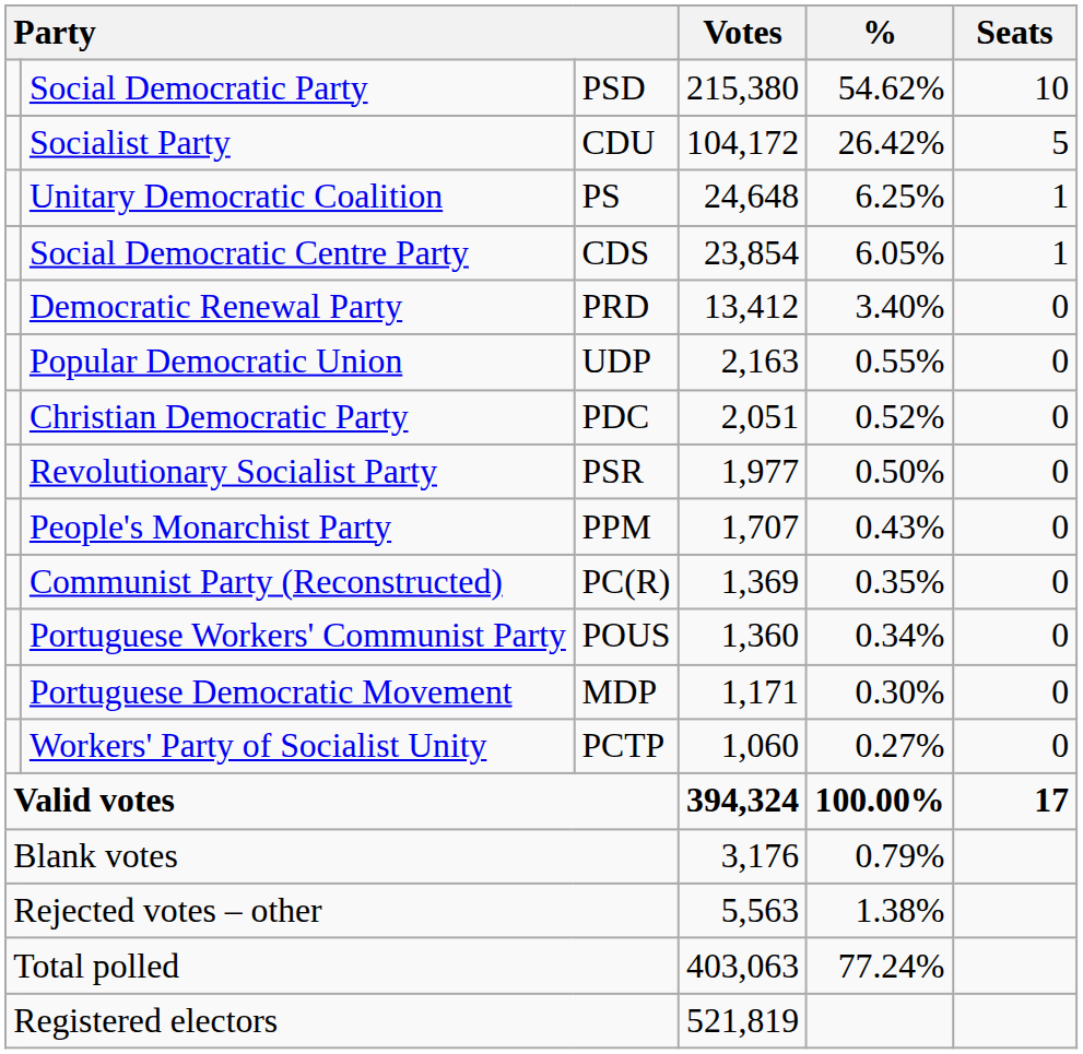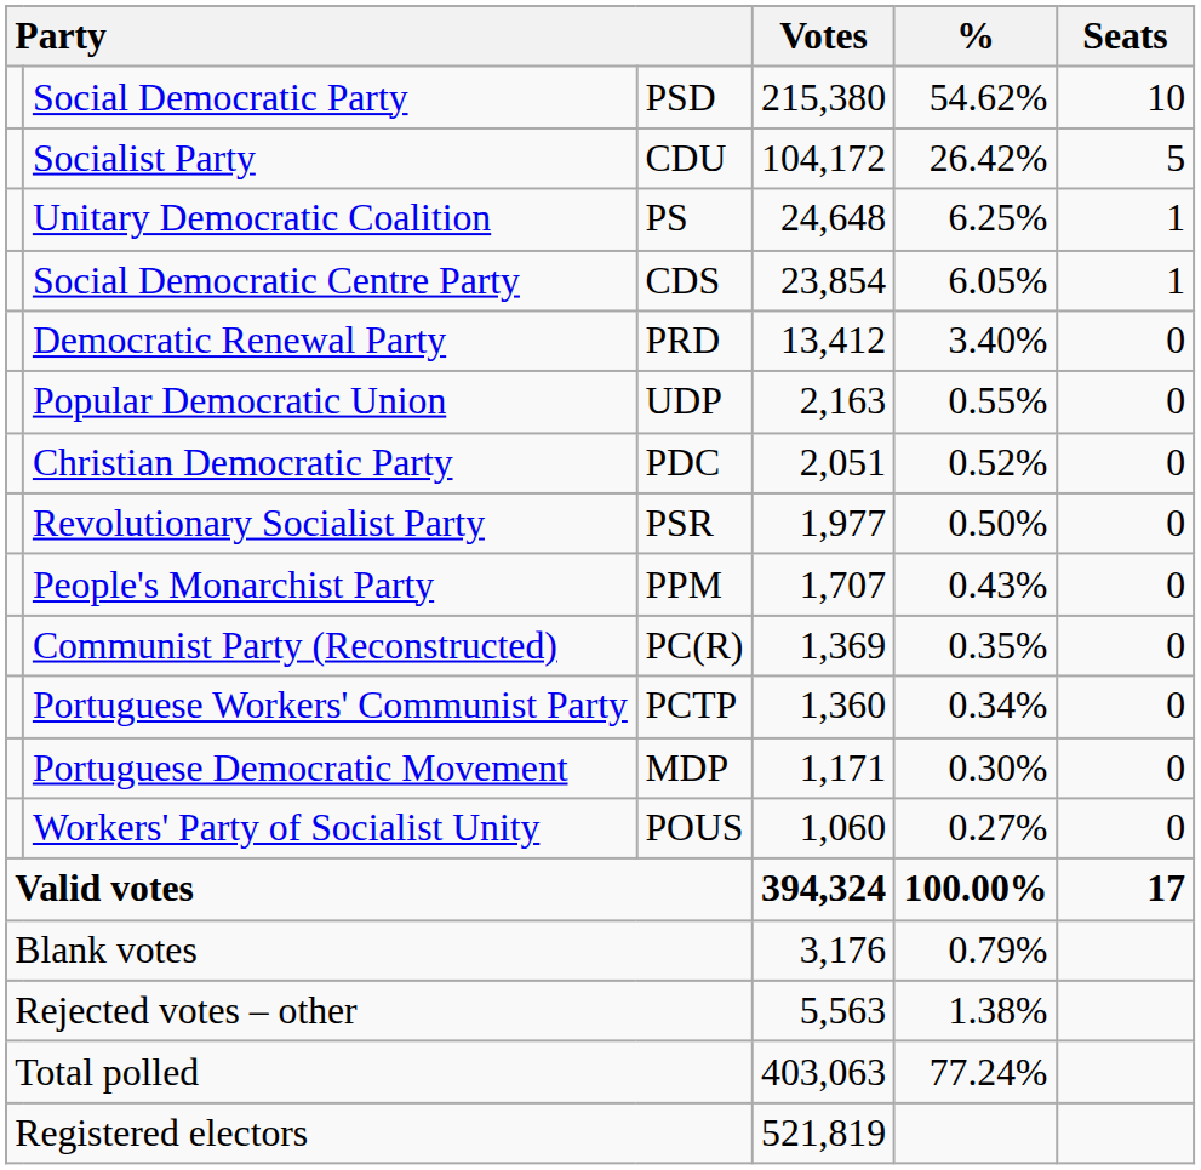 <table class="wikitable" border="1" style="text-align:right;">
 <tr>
 <th style="text-align:left;" colspan=3>Party</th>
 <th align=center width="50">Votes</th>
 <th align=center width="50">%</th>
 <th align=center width="50">Seats</th>
 </tr>
 <tr>
 <td></td>
 <td align=left><a href='#'>Social Democratic Party</a></td>
 <td align=left>PSD</td>
 <td>215,380</td>
 <td>54.62%</td>
 <td>10</td>
 </tr>
 <tr>
 <td></td>
 <td align=left><a href='#'>Socialist Party</a></td>
 <td align=left>CDU</td>
 <td>104,172</td>
 <td>26.42%</td>
 <td>5</td>
 </tr>
 <tr>
 <td></td>
 <td align=left style="white-space: nowrap;"><a href='#'>Unitary Democratic Coalition</a></td>
 <td align=left>PS</td>
 <td>24,648</td>
 <td>6.25%</td>
 <td>1</td>
 </tr>
 <tr>
 <td></td>
 <td align=left style="white-space: nowrap;"><a href='#'>Social Democratic Centre Party</a></td>
 <td align=left>CDS</td>
 <td>23,854</td>
 <td>6.05%</td>
 <td>1</td>
 </tr>
 <tr>
 <td></td>
 <td align=left><a href='#'>Democratic Renewal Party</a></td>
 <td align=left>PRD</td>
 <td>13,412</td>
 <td>3.40%</td>
 <td>0</td>
 </tr>
 <tr>
 <td></td>
 <td align=left><a href='#'>Popular Democratic Union</a></td>
 <td align=left>UDP</td>
 <td>2,163</td>
 <td>0.55%</td>
 <td>0</td>
 </tr>
 <tr>
 <td></td>
 <td align=left style="white-space: nowrap;"><a href='#'>Christian Democratic Party</a></td>
 <td align=left>PDC</td>
 <td>2,051</td>
 <td>0.52%</td>
 <td>0</td>
 </tr>
 <tr>
 <td></td>
 <td align=left><a href='#'>Revolutionary Socialist Party</a></td>
 <td align=left>PSR</td>
 <td>1,977</td>
 <td>0.50%</td>
 <td>0</td>
 </tr>
 <tr>
 <td></td>
 <td align=left><a href='#'>People's Monarchist Party</a></td>
 <td align=left>PPM</td>
 <td>1,707</td>
 <td>0.43%</td>
 <td>0</td>
 </tr>
 <tr>
 <td></td>
 <td align=left><a href='#'>Communist Party (Reconstructed)</a></td>
 <td align=left>PC(R)</td>
 <td>1,369</td>
 <td>0.35%</td>
 <td>0</td>
 </tr>
 <tr>
 <td></td>
 <td align=left><a href='#'>Portuguese Workers' Communist Party</a></td>
-<td align=left>POUS</td>
+<td align=left>PCTP</td>
 <td>1,360</td>
 <td>0.34%</td>
 <td>0</td>
 </tr>
 <tr>
 <td></td>
 <td align=left><a href='#'>Portuguese Democratic Movement</a></td>
 <td align=left>MDP</td>
 <td>1,171</td>
 <td>0.30%</td>
 <td>0</td>
 </tr>
 <tr>
 <td></td>
 <td align=left><a href='#'>Workers' Party of Socialist Unity</a></td>
-<td align=left>PCTP</td>
+<td align=left>POUS</td>
 <td>1,060</td>
 <td>0.27%</td>
 <td>0</td>
 </tr>
 <tr style="font-weight:bold">
 <td align=left colspan=3>Valid votes</td>
 <td>394,324</td>
 <td>100.00%</td>
 <td>17</td>
 </tr>
 <tr>
 <td align=left colspan=3>Blank votes</td>
 <td>3,176</td>
 <td>0.79%</td>
 <td></td>
 </tr>
 <tr>
 <td align=left colspan=3>Rejected votes – other</td>
 <td>5,563</td>
 <td>1.38%</td>
 <td></td>
 </tr>
 <tr>
 <td align=left colspan=3>Total polled</td>
 <td>403,063</td>
 <td>77.24%</td>
 <td></td>
 </tr>
 <tr>
 <td align=left colspan=3>Registered electors</td>
 <td>521,819</td>
 <td></td>
 <td></td>
 </tr>
 </table>
